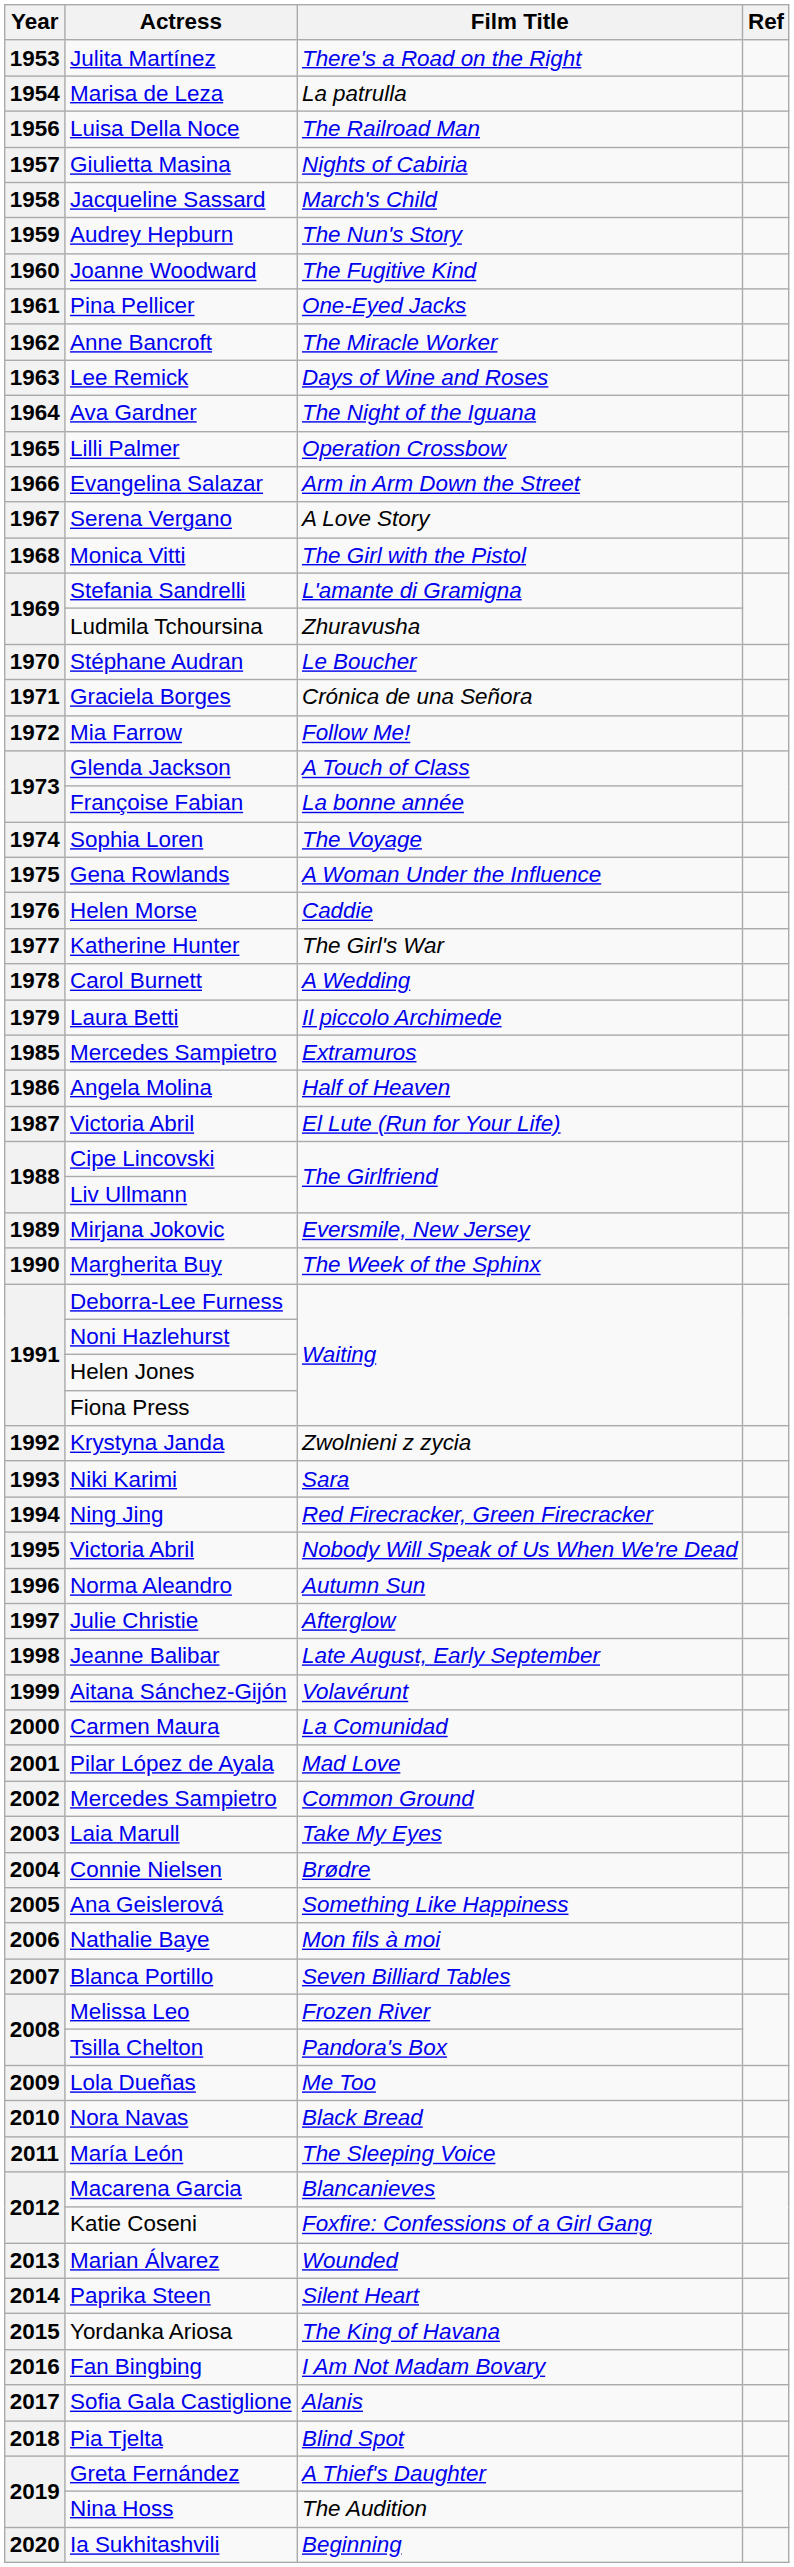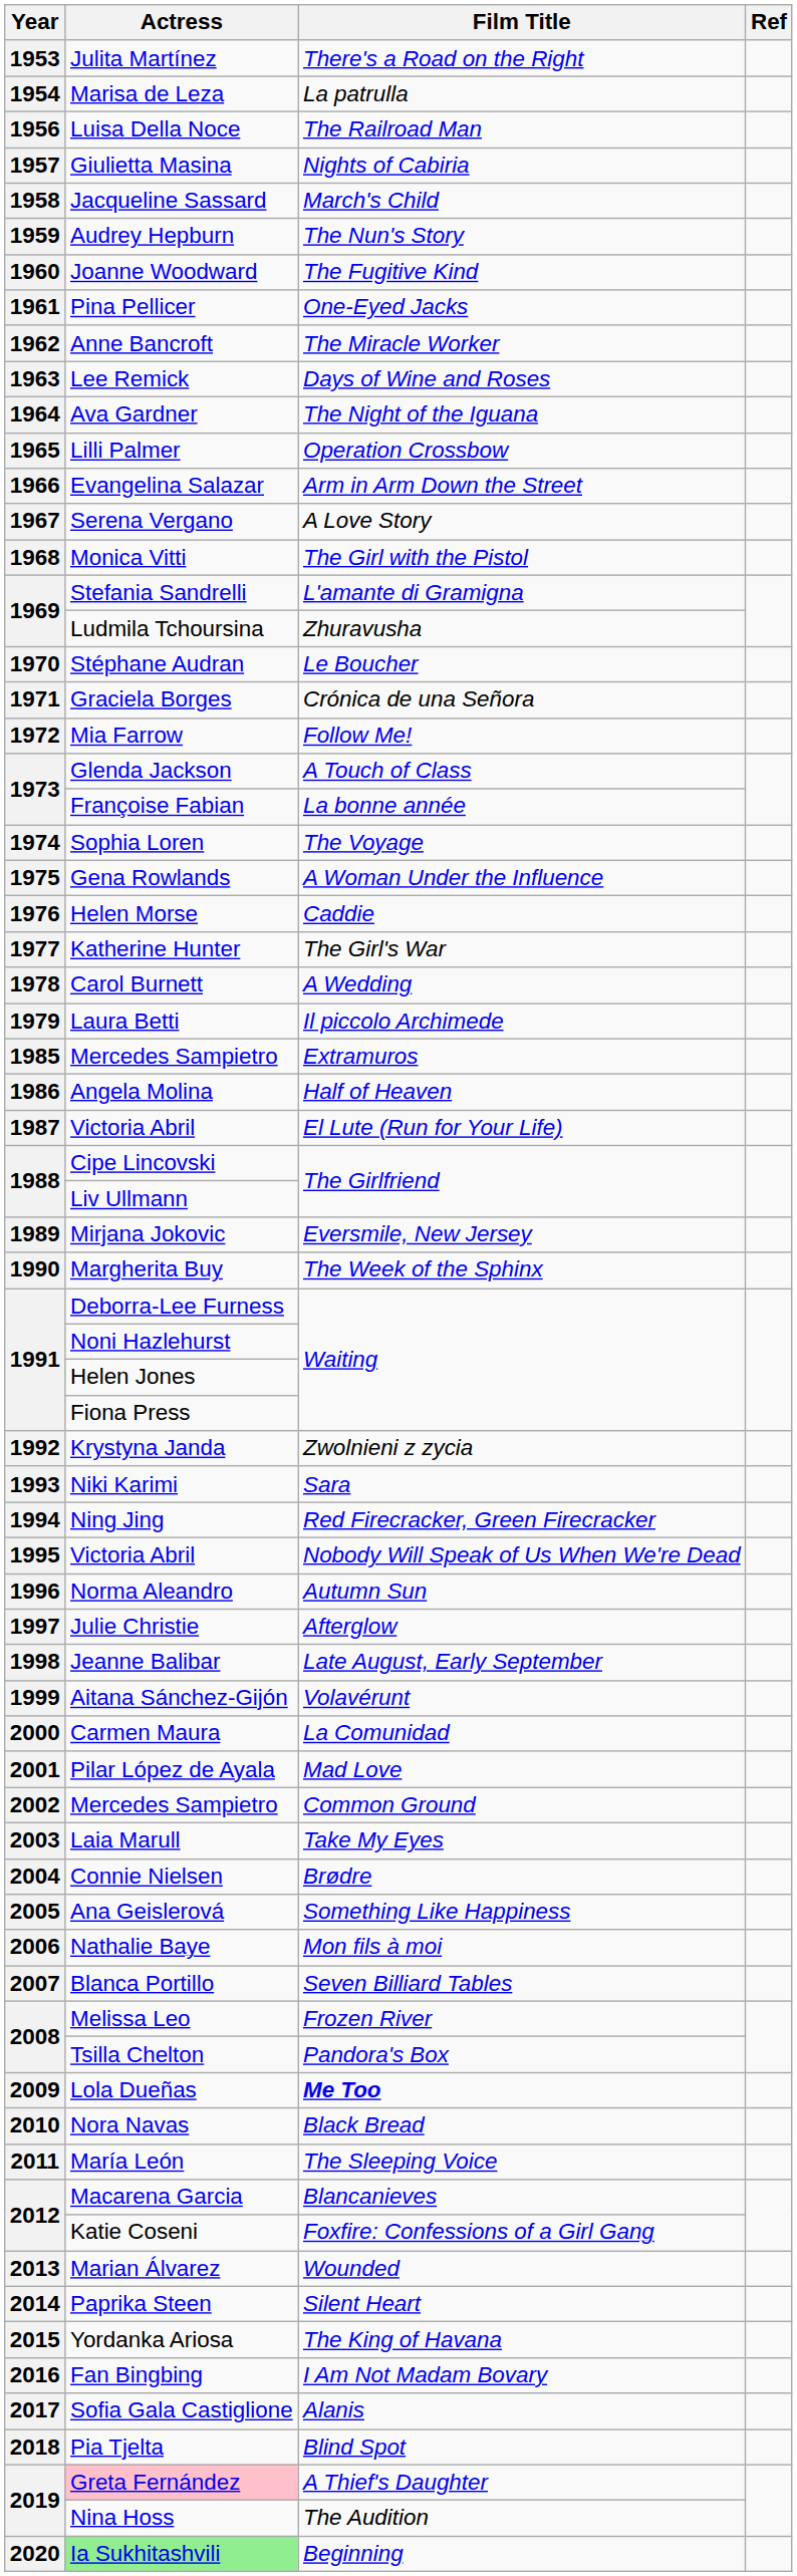 <table class="sortable wikitable">
 <tr>
 <th>Year</th>
 <th>Actress</th>
 <th>Film Title</th>
 <th class="unsortable">Ref</th>
 </tr>
 <tr>
 <th>1953</th>
 <td><a href='#'>Julita Martínez</a></td>
 <td><a href='#'><em>There's a Road on the Right</em></a></td>
 <td></td>
 </tr>
 <tr>
 <th>1954</th>
 <td><a href='#'>Marisa de Leza</a></td>
 <td><em>La patrulla</em></td>
 <td></td>
 </tr>
 <tr>
 <th>1956</th>
 <td><a href='#'>Luisa Della Noce</a></td>
 <td><em><a href='#'>The Railroad Man</a></em></td>
 <td></td>
 </tr>
 <tr>
 <th>1957</th>
 <td><a href='#'>Giulietta Masina</a></td>
 <td><em><a href='#'>Nights of Cabiria</a></em></td>
 <td></td>
 </tr>
 <tr>
 <th>1958</th>
 <td><a href='#'>Jacqueline Sassard</a></td>
 <td><a href='#'><em>March's Child</em></a></td>
 <td></td>
 </tr>
 <tr>
 <th>1959</th>
 <td><a href='#'>Audrey Hepburn</a></td>
 <td><a href='#'><em>The Nun's Story</em></a></td>
 <td></td>
 </tr>
 <tr>
 <th>1960</th>
 <td><a href='#'>Joanne Woodward</a></td>
 <td><em><a href='#'>The Fugitive Kind</a></em></td>
 <td></td>
 </tr>
 <tr>
 <th>1961</th>
 <td><a href='#'>Pina Pellicer</a></td>
 <td><em><a href='#'>One-Eyed Jacks</a></em></td>
 <td></td>
 </tr>
 <tr>
 <th>1962</th>
 <td><a href='#'>Anne Bancroft</a></td>
 <td><em><a href='#'>The Miracle Worker</a></em></td>
 <td></td>
 </tr>
 <tr>
 <th>1963</th>
 <td><a href='#'>Lee Remick</a></td>
 <td><em><a href='#'>Days of Wine and Roses</a></em></td>
 <td></td>
 </tr>
 <tr>
 <th>1964</th>
 <td><a href='#'>Ava Gardner</a></td>
 <td><em><a href='#'>The Night of the Iguana</a></em></td>
 <td></td>
 </tr>
 <tr>
 <th>1965</th>
 <td><a href='#'>Lilli Palmer</a></td>
 <td><a href='#'><em>Operation Crossbow</em></a></td>
 <td></td>
 </tr>
 <tr>
 <th>1966</th>
 <td><a href='#'>Evangelina Salazar</a></td>
 <td><em><a href='#'>Arm in Arm Down the Street</a></em></td>
 <td></td>
 </tr>
 <tr>
 <th>1967</th>
 <td><a href='#'>Serena Vergano</a></td>
 <td><em>A Love Story</em></td>
 <td></td>
 </tr>
 <tr>
 <th>1968</th>
 <td><a href='#'>Monica Vitti</a></td>
 <td><a href='#'><em>The Girl with the Pistol</em></a></td>
 <td></td>
 </tr>
 <tr>
 <th rowspan="2">1969</th>
 <td><a href='#'>Stefania Sandrelli</a></td>
 <td><em><a href='#'>L'amante di Gramigna</a></em></td>
 <td rowspan="2"></td>
 </tr>
 <tr>
 <td>Ludmila Tchoursina</td>
 <td><em>Zhuravusha</em></td>
 </tr>
 <tr>
 <th>1970</th>
 <td><a href='#'>Stéphane Audran</a></td>
 <td><em><a href='#'>Le Boucher</a></em></td>
 <td></td>
 </tr>
 <tr>
 <th>1971</th>
 <td><a href='#'>Graciela Borges</a></td>
 <td><em>Crónica de una Señora</em></td>
 <td></td>
 </tr>
 <tr>
 <th>1972</th>
 <td><a href='#'>Mia Farrow</a></td>
 <td><a href='#'><em>Follow Me!</em></a></td>
 <td></td>
 </tr>
 <tr>
 <th rowspan="2">1973</th>
 <td><a href='#'>Glenda Jackson</a></td>
 <td><a href='#'><em>A Touch of Class</em></a></td>
 <td rowspan="2"></td>
 </tr>
 <tr>
 <td><a href='#'>Françoise Fabian</a></td>
 <td><em><a href='#'>La bonne année</a></em></td>
 </tr>
 <tr>
 <th>1974</th>
 <td><a href='#'>Sophia Loren</a></td>
 <td><a href='#'><em>The Voyage</em></a></td>
 <td></td>
 </tr>
 <tr>
 <th>1975</th>
 <td><a href='#'>Gena Rowlands</a></td>
 <td><em><a href='#'>A Woman Under the Influence</a></em></td>
 <td></td>
 </tr>
 <tr>
 <th>1976</th>
 <td><a href='#'>Helen Morse</a></td>
 <td><a href='#'><em>Caddie</em></a></td>
 <td></td>
 </tr>
 <tr>
 <th>1977</th>
 <td><a href='#'>Katherine Hunter</a></td>
 <td><em>The Girl's War</em></td>
 <td></td>
 </tr>
 <tr>
 <th>1978</th>
 <td><a href='#'>Carol Burnett</a></td>
 <td><em><a href='#'>A Wedding</a></em></td>
 <td></td>
 </tr>
 <tr>
 <th>1979</th>
 <td><a href='#'>Laura Betti</a></td>
 <td><em><a href='#'>Il piccolo Archimede</a></em></td>
 <td></td>
 </tr>
 <tr>
 <th>1985</th>
 <td><a href='#'>Mercedes Sampietro</a></td>
 <td><em><a href='#'>Extramuros</a></em></td>
 <td></td>
 </tr>
 <tr>
 <th>1986</th>
 <td><a href='#'>Angela Molina</a></td>
 <td><em><a href='#'>Half of Heaven</a></em></td>
 <td></td>
 </tr>
 <tr>
 <th>1987</th>
 <td><a href='#'>Victoria Abril</a></td>
 <td><a href='#'><em>El Lute (Run for Your Life)</em></a></td>
 <td></td>
 </tr>
 <tr>
 <th rowspan="2">1988</th>
 <td><a href='#'>Cipe Lincovski</a></td>
 <td rowspan="2"><a href='#'><em>The Girlfriend</em></a></td>
 <td rowspan="2"></td>
 </tr>
 <tr>
 <td><a href='#'>Liv Ullmann</a></td>
 </tr>
 <tr>
 <th>1989</th>
 <td><a href='#'>Mirjana Jokovic</a></td>
 <td><em><a href='#'>Eversmile, New Jersey</a></em></td>
 <td></td>
 </tr>
 <tr>
 <th>1990</th>
 <td><a href='#'>Margherita Buy</a></td>
 <td><a href='#'><em>The Week of the Sphinx</em></a></td>
 <td></td>
 </tr>
 <tr>
 <th rowspan="4">1991</th>
 <td><a href='#'>Deborra-Lee Furness</a></td>
 <td rowspan="4"><a href='#'><em>Waiting</em></a></td>
 <td rowspan="4"></td>
 </tr>
 <tr>
 <td><a href='#'>Noni Hazlehurst</a></td>
 </tr>
 <tr>
 <td>Helen Jones</td>
 </tr>
 <tr>
 <td>Fiona Press</td>
 </tr>
 <tr>
 <th>1992</th>
 <td><a href='#'>Krystyna Janda</a></td>
 <td><em>Zwolnieni z zycia</em></td>
 <td></td>
 </tr>
 <tr>
 <th>1993</th>
 <td><a href='#'>Niki Karimi</a></td>
 <td><a href='#'><em>Sara</em></a></td>
 <td></td>
 </tr>
 <tr>
 <th>1994</th>
 <td><a href='#'>Ning Jing</a></td>
 <td><em><a href='#'>Red Firecracker, Green Firecracker</a></em></td>
 <td></td>
 </tr>
 <tr>
 <th>1995</th>
 <td><a href='#'>Victoria Abril</a></td>
 <td><em><a href='#'>Nobody Will Speak of Us When We're Dead</a></em></td>
 <td></td>
 </tr>
 <tr>
 <th>1996</th>
 <td><a href='#'>Norma Aleandro</a></td>
 <td><em><a href='#'>Autumn Sun</a></em></td>
 <td></td>
 </tr>
 <tr>
 <th>1997</th>
 <td><a href='#'>Julie Christie</a></td>
 <td><a href='#'><em>Afterglow</em></a></td>
 <td></td>
 </tr>
 <tr>
 <th>1998</th>
 <td><a href='#'>Jeanne Balibar</a></td>
 <td><em><a href='#'>Late August, Early September</a></em></td>
 <td></td>
 </tr>
 <tr>
 <th>1999</th>
 <td><a href='#'>Aitana Sánchez-Gijón</a></td>
 <td><em><a href='#'>Volavérunt</a></em></td>
 <td></td>
 </tr>
 <tr>
 <th>2000</th>
 <td><a href='#'>Carmen Maura</a></td>
 <td><a href='#'><em>La Comunidad</em></a></td>
 <td></td>
 </tr>
 <tr>
 <th>2001</th>
 <td><a href='#'>Pilar López de Ayala</a></td>
 <td><a href='#'><em>Mad Love</em></a></td>
 <td></td>
 </tr>
 <tr>
 <th>2002</th>
 <td><a href='#'>Mercedes Sampietro</a></td>
 <td><a href='#'><em>Common Ground</em></a></td>
 <td></td>
 </tr>
 <tr>
 <th>2003</th>
 <td><a href='#'>Laia Marull</a></td>
 <td><em><a href='#'>Take My Eyes</a></em></td>
 <td></td>
 </tr>
 <tr>
 <th>2004</th>
 <td><a href='#'>Connie Nielsen</a></td>
 <td><em><a href='#'>Brødre</a></em></td>
 <td></td>
 </tr>
 <tr>
 <th>2005</th>
 <td><a href='#'>Ana Geislerová</a></td>
 <td><em><a href='#'>Something Like Happiness</a></em></td>
 <td></td>
 </tr>
 <tr>
 <th>2006</th>
 <td><a href='#'>Nathalie Baye</a></td>
 <td><em><a href='#'>Mon fils à moi</a></em></td>
 <td></td>
 </tr>
 <tr>
 <th>2007</th>
 <td><a href='#'>Blanca Portillo</a></td>
 <td><em><a href='#'>Seven Billiard Tables</a></em></td>
 <td></td>
 </tr>
 <tr>
 <th rowspan="2">2008</th>
 <td><a href='#'>Melissa Leo</a></td>
 <td><em><a href='#'>Frozen River</a></em></td>
 <td rowspan="2"></td>
 </tr>
 <tr>
 <td><a href='#'>Tsilla Chelton</a></td>
 <td><a href='#'><em>Pandora's Box</em></a></td>
 </tr>
 <tr>
 <th>2009</th>
 <td><a href='#'>Lola Dueñas</a></td>
-<td><em><a href='#'>Me Too</a></em></td>
+<td><strong><em><a href='#'>Me Too</a></em></strong></td>
 <td></td>
 </tr>
 <tr>
 <th>2010</th>
 <td><a href='#'>Nora Navas</a></td>
 <td><em><a href='#'>Black Bread</a></em></td>
 <td></td>
 </tr>
 <tr>
 <th>2011</th>
 <td><a href='#'>María León</a></td>
 <td><a href='#'><em>The Sleeping Voice</em></a></td>
 <td></td>
 </tr>
 <tr>
 <th rowspan="2">2012</th>
 <td><a href='#'>Macarena Garcia</a></td>
 <td><em><a href='#'>Blancanieves</a></em></td>
 <td rowspan="2"></td>
 </tr>
 <tr>
 <td>Katie Coseni</td>
 <td><em><a href='#'>Foxfire: Confessions of a Girl Gang</a></em></td>
 </tr>
 <tr>
 <th>2013</th>
 <td><a href='#'>Marian Álvarez</a></td>
 <td><a href='#'><em>Wounded</em></a></td>
 <td></td>
 </tr>
 <tr>
 <th>2014</th>
 <td><a href='#'>Paprika Steen</a></td>
 <td><em><a href='#'>Silent Heart</a></em></td>
 <td></td>
 </tr>
 <tr>
 <th>2015</th>
 <td>Yordanka Ariosa</td>
 <td><em><a href='#'>The King of Havana</a></em></td>
 <td></td>
 </tr>
 <tr>
 <th>2016</th>
 <td><a href='#'>Fan Bingbing</a></td>
 <td><a href='#'><em>I Am Not Madam Bovary</em></a></td>
 <td></td>
 </tr>
 <tr>
 <th>2017</th>
 <td><a href='#'>Sofia Gala Castiglione</a></td>
 <td><em><a href='#'>Alanis</a></em></td>
 <td></td>
 </tr>
 <tr>
 <th>2018</th>
 <td><a href='#'>Pia Tjelta</a></td>
 <td><a href='#'><em>Blind Spot</em></a></td>
 <td></td>
 </tr>
 <tr>
 <th rowspan="2">2019</th>
-<td><a href='#'>Greta Fernández</a></td>
+<td style="background: pink;"><a href='#'>Greta Fernández</a></td>
 <td><em><a href='#'>A Thief's Daughter</a></em></td>
 <td rowspan="2"></td>
 </tr>
 <tr>
 <td><a href='#'>Nina Hoss</a></td>
 <td><em>The Audition</em></td>
 </tr>
 <tr>
 <th>2020</th>
-<td><a href='#'>Ia Sukhitashvili</a></td>
+<td style="background: lightgreen;"><a href='#'>Ia Sukhitashvili</a></td>
 <td><em><a href='#'>Beginning</a></em></td>
 <td></td>
 </tr>
 <tr>
 </tr>
 </table>
